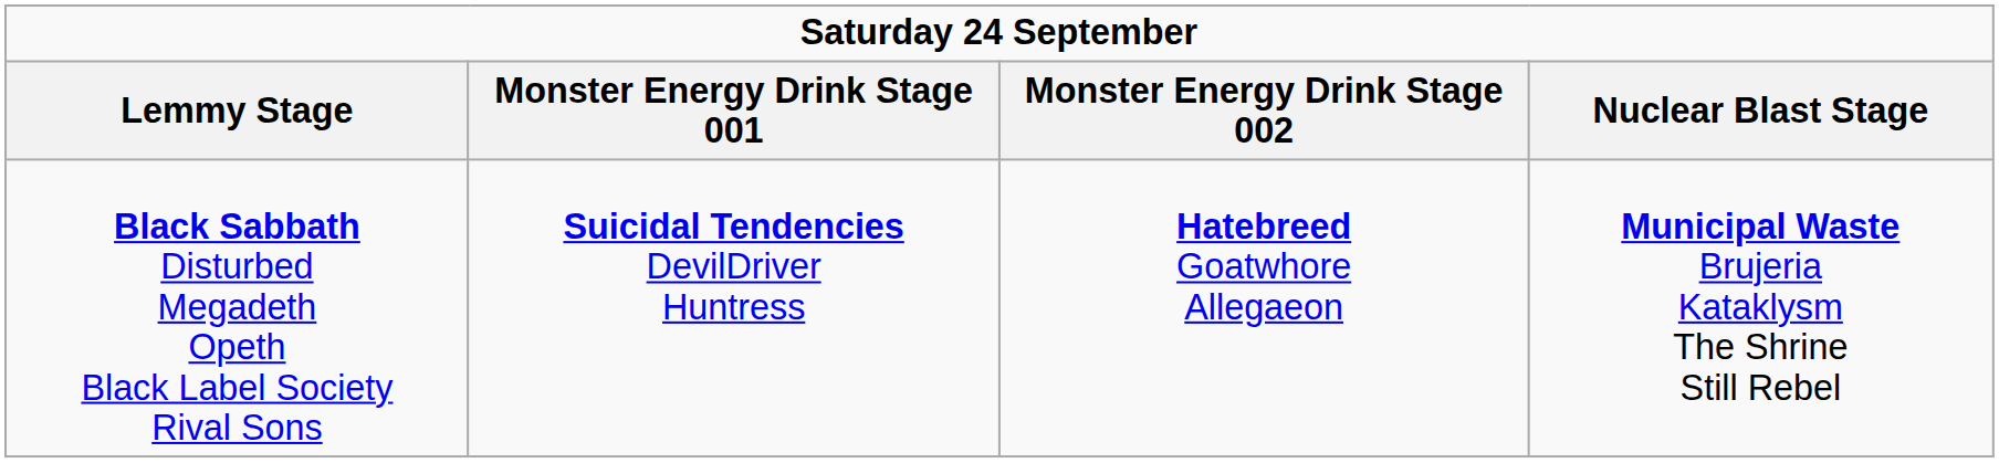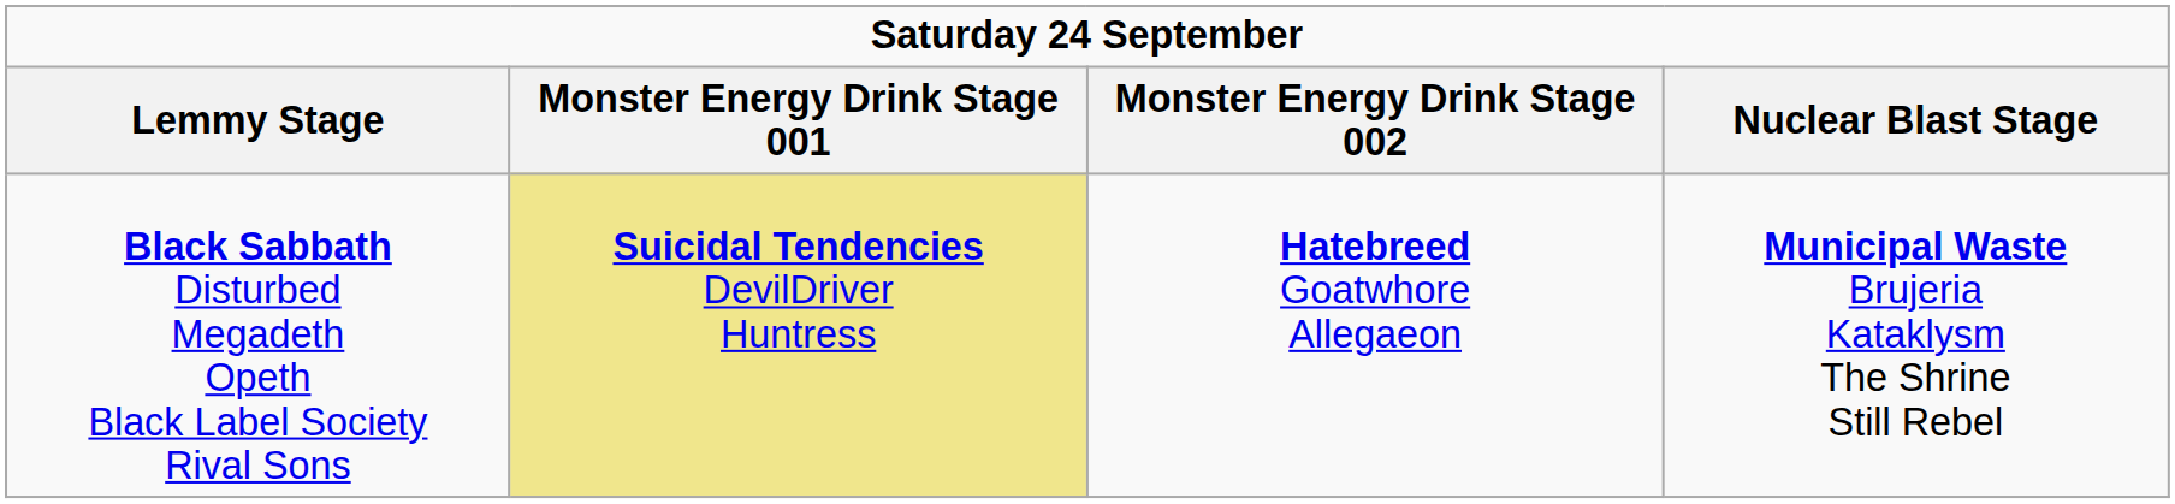 <table class="wikitable">
 <tr>
 <td colspan="4" style="text-align:center;"><strong>Saturday 24 September</strong></td>
 </tr>
 <tr>
 <th>Lemmy Stage</th>
 <th>Monster Energy Drink Stage 001</th>
 <th>Monster Energy Drink Stage 002</th>
 <th>Nuclear Blast Stage</th>
 </tr>
 <tr>
 <td style="text-align:center; vertical-align:top; width:200px;"><br><strong><a href='#'>Black Sabbath</a></strong><br> <a href='#'>Disturbed</a><br> <a href='#'>Megadeth</a><br> <a href='#'>Opeth</a><br> <a href='#'>Black Label Society</a><br> <a href='#'>Rival Sons</a><br></td>
-<td style="text-align:center; vertical-align:top; width:230px;"><br><strong><a href='#'>Suicidal Tendencies</a></strong><br> <a href='#'>DevilDriver</a><br> <a href='#'>Huntress</a><br></td>
+<td style="background: khaki; text-align:center; vertical-align:top; width:230px;"><br><strong><a href='#'>Suicidal Tendencies</a></strong><br> <a href='#'>DevilDriver</a><br> <a href='#'>Huntress</a><br></td>
 <td style="text-align:center; vertical-align:top; width:230px;"><br><strong><a href='#'>Hatebreed</a></strong><br> <a href='#'>Goatwhore</a><br> <a href='#'>Allegaeon</a><br></td>
 <td style="text-align:center; vertical-align:top; width:200px;"><br><strong><a href='#'>Municipal Waste</a></strong><br> <a href='#'>Brujeria</a><br> <a href='#'>Kataklysm</a><br> The Shrine<br> Still Rebel<br></td>
 </tr>
 </table>
